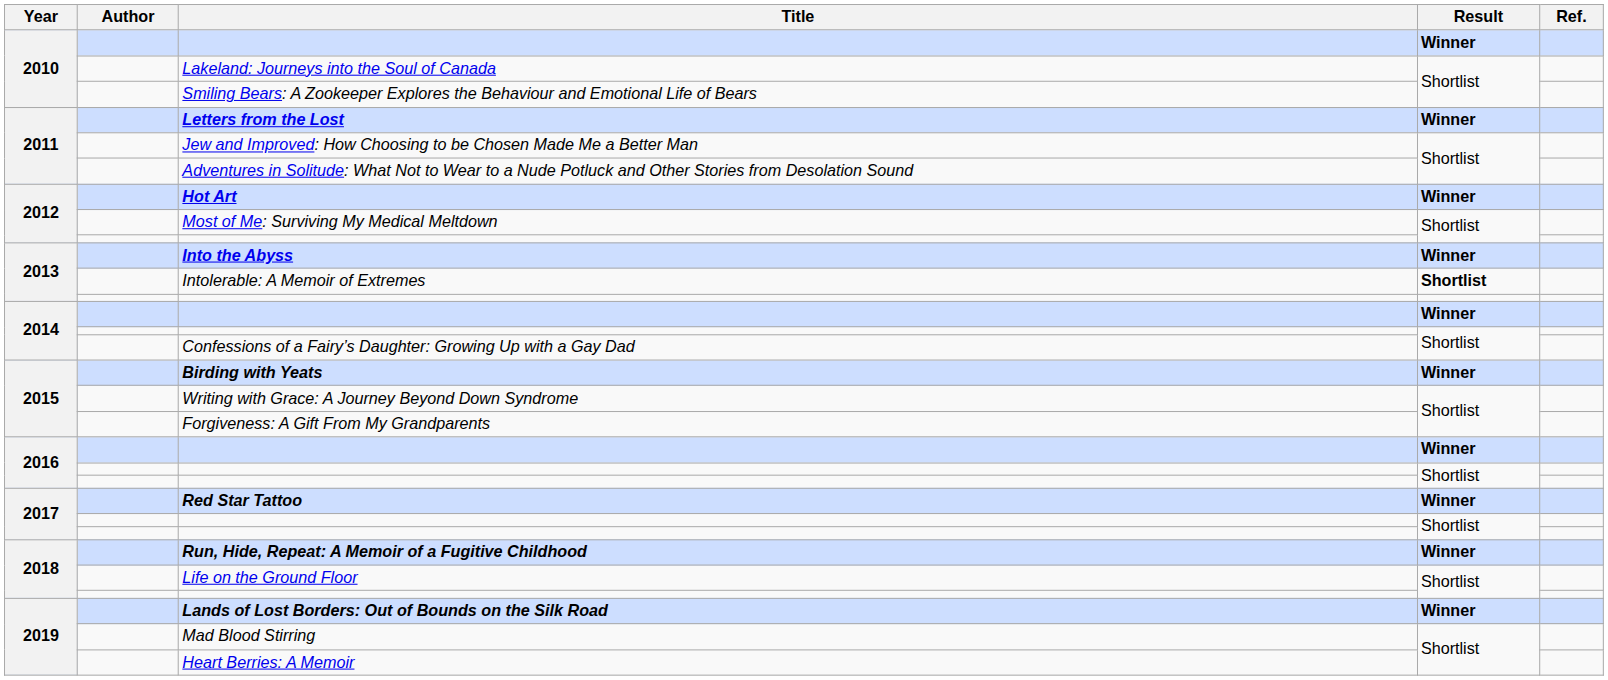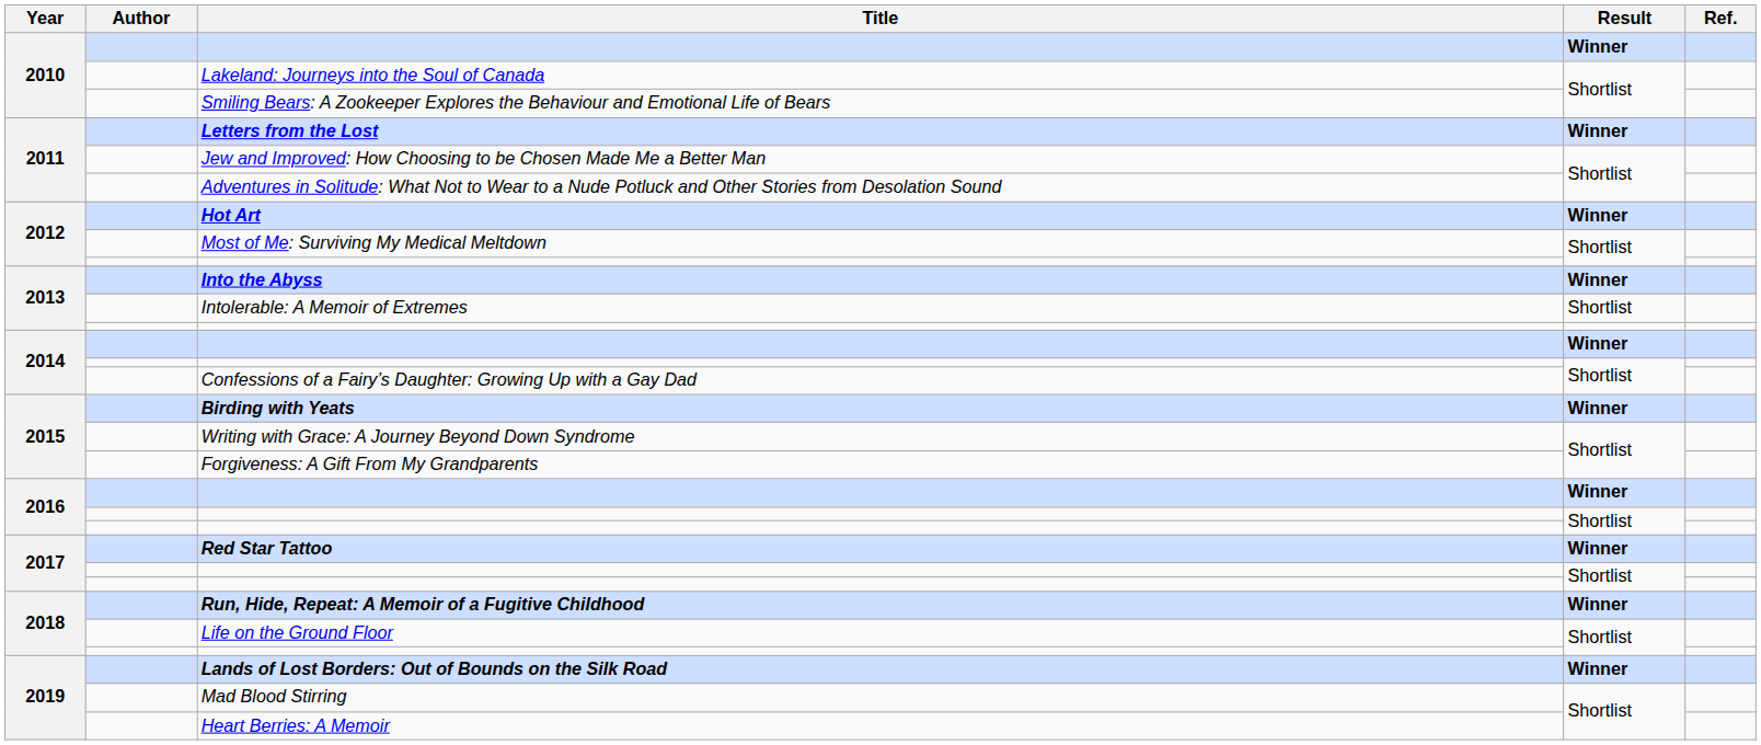 <table class="wikitable sortable mw-collapsible" width="100%">
 <tr>
 <th>Year</th>
 <th>Author</th>
 <th>Title</th>
 <th>Result</th>
 <th>Ref.</th>
 </tr>
 <tr style=background:#cddeff>
 <th rowspan="3">2010</th>
 <td><strong></strong></td>
 <td><strong><em></em></strong></td>
 <td><strong>Winner</strong></td>
 <td></td>
 </tr>
 <tr>
 <td></td>
 <td><em><a href='#'>Lakeland: Journeys into the Soul of Canada</a></em></td>
 <td rowspan="2">Shortlist</td>
 <td></td>
 </tr>
 <tr>
 <td></td>
 <td><em><a href='#'>Smiling Bears</a>: A Zookeeper Explores the Behaviour and Emotional Life of Bears</em></td>
 <td></td>
 </tr>
 <tr style=background:#cddeff>
 <th rowspan="3">2011</th>
 <td><strong></strong></td>
 <td><strong><em><a href='#'>Letters from the Lost</a></em></strong></td>
 <td><strong>Winner</strong></td>
 <td></td>
 </tr>
 <tr>
 <td></td>
 <td><em><a href='#'>Jew and Improved</a>: How Choosing to be Chosen Made Me a Better Man</em></td>
 <td rowspan="2">Shortlist</td>
 <td></td>
 </tr>
 <tr>
 <td></td>
 <td><em><a href='#'>Adventures in Solitude</a>: What Not to Wear to a Nude Potluck and Other Stories from Desolation Sound</em></td>
 <td></td>
 </tr>
 <tr style=background:#cddeff>
 <th rowspan="3">2012</th>
 <td><strong></strong></td>
 <td><strong><em><a href='#'>Hot Art</a></em></strong></td>
 <td><strong>Winner</strong></td>
 <td></td>
 </tr>
 <tr>
 <td></td>
 <td><em><a href='#'>Most of Me</a>: Surviving My Medical Meltdown</em></td>
 <td rowspan="2">Shortlist</td>
 <td></td>
 </tr>
 <tr>
 <td></td>
 <td><em></em></td>
 <td></td>
 </tr>
 <tr style=background:#cddeff>
 <th rowspan="3">2013</th>
 <td><strong></strong></td>
 <td><strong><em><a href='#'>Into the Abyss</a></em></strong></td>
 <td><strong>Winner</strong></td>
 <td></td>
 </tr>
 <tr>
 <td></td>
 <td><em>Intolerable: A Memoir of Extremes</em></td>
-<td><strong>Shortlist</strong></td>
+<td>Shortlist</td>
 <td></td>
 </tr>
 <tr>
 <td></td>
 <td><em></em></td>
 <td></td>
 <td></td>
 </tr>
 <tr style=background:#cddeff>
 <th rowspan="3">2014</th>
 <td><strong></strong></td>
 <td><strong><em></em></strong></td>
 <td><strong>Winner</strong></td>
 <td></td>
 </tr>
 <tr>
 <td></td>
 <td><em></em></td>
 <td rowspan="2">Shortlist</td>
 <td></td>
 </tr>
 <tr>
 <td></td>
 <td><em>Confessions of a Fairy’s Daughter: Growing Up with a Gay Dad</em></td>
 <td></td>
 </tr>
 <tr style=background:#cddeff>
 <th rowspan="3">2015</th>
 <td><strong></strong></td>
 <td><strong><em>Birding with Yeats</em></strong></td>
 <td><strong>Winner</strong></td>
 <td></td>
 </tr>
 <tr>
 <td></td>
 <td><em>Writing with Grace: A Journey Beyond Down Syndrome</em></td>
 <td rowspan="2">Shortlist</td>
 <td></td>
 </tr>
 <tr>
 <td></td>
 <td><em>Forgiveness: A Gift From My Grandparents</em></td>
 <td></td>
 </tr>
 <tr style=background:#cddeff>
 <th rowspan="3">2016</th>
 <td><strong></strong></td>
 <td><strong><em></em></strong></td>
 <td><strong>Winner</strong></td>
 <td></td>
 </tr>
 <tr>
 <td></td>
 <td><em></em></td>
 <td rowspan="2">Shortlist</td>
 <td></td>
 </tr>
 <tr>
 <td></td>
 <td><em></em></td>
 <td></td>
 </tr>
 <tr style=background:#cddeff>
 <th rowspan="3">2017</th>
 <td><strong></strong></td>
 <td><strong><em>Red Star Tattoo</em></strong></td>
 <td><strong>Winner</strong></td>
 <td></td>
 </tr>
 <tr>
 <td></td>
 <td><em></em></td>
 <td rowspan="2">Shortlist</td>
 <td></td>
 </tr>
 <tr>
 <td></td>
 <td><em></em></td>
 <td></td>
 </tr>
 <tr style=background:#cddeff>
 <th rowspan="3">2018</th>
 <td><strong></strong></td>
 <td><strong><em>Run, Hide, Repeat: A Memoir of a Fugitive Childhood</em></strong></td>
 <td><strong>Winner</strong></td>
 <td></td>
 </tr>
 <tr>
 <td></td>
 <td><em><a href='#'>Life on the Ground Floor</a></em></td>
 <td rowspan="2">Shortlist</td>
 <td></td>
 </tr>
 <tr>
 <td></td>
 <td><em></em></td>
 <td></td>
 </tr>
 <tr style=background:#cddeff>
 <th rowspan="3">2019</th>
 <td><strong></strong></td>
 <td><strong><em>Lands of Lost Borders: Out of Bounds on the Silk Road</em></strong></td>
 <td><strong>Winner</strong></td>
 <td></td>
 </tr>
 <tr>
 <td></td>
 <td><em>Mad Blood Stirring</em></td>
 <td rowspan="2">Shortlist</td>
 <td></td>
 </tr>
 <tr>
 <td></td>
 <td><em><a href='#'>Heart Berries: A Memoir</a></em></td>
 <td></td>
 </tr>
 </table>
